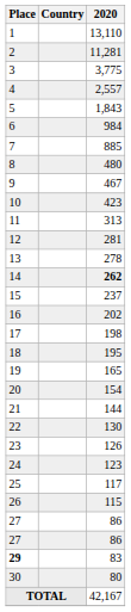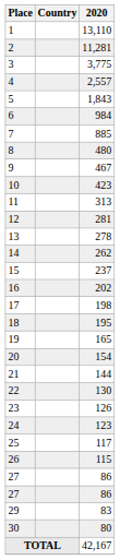 <table class="sortable wikitable"  style="margin:1em auto;">
 <tr>
 <th>Place</th>
 <th>Country</th>
 <th>2020</th>
 </tr>
 <tr bgcolor="ffffff">
 <td>1</td>
 <td></td>
 <td align=right>13,110</td>
 </tr>
 <tr bgcolor="efefef">
 <td>2</td>
 <td></td>
 <td align=right>11,281</td>
 </tr>
 <tr bgcolor="ffffff">
 <td>3</td>
 <td></td>
 <td align=right>3,775</td>
 </tr>
 <tr bgcolor="efefef">
 <td>4</td>
 <td></td>
 <td align=right>2,557</td>
 </tr>
 <tr bgcolor="ffffff">
 <td>5</td>
 <td></td>
 <td align=right>1,843</td>
 </tr>
 <tr bgcolor="efefef">
 <td>6</td>
 <td></td>
 <td align=right>984</td>
 </tr>
 <tr bgcolor="ffffff">
 <td>7</td>
 <td></td>
 <td align=right>885</td>
 </tr>
 <tr bgcolor="efefef">
 <td>8</td>
 <td></td>
 <td align=right>480</td>
 </tr>
 <tr bgcolor="ffffff">
 <td>9</td>
 <td></td>
 <td align=right>467</td>
 </tr>
 <tr bgcolor="efefef">
 <td>10</td>
 <td></td>
 <td align=right>423</td>
 </tr>
 <tr bgcolor="ffffff">
 <td>11</td>
 <td></td>
 <td align=right>313</td>
 </tr>
 <tr bgcolor="efefef">
 <td>12</td>
 <td></td>
 <td align=right>281</td>
 </tr>
 <tr bgcolor="ffffff">
 <td>13</td>
 <td></td>
 <td align=right>278</td>
 </tr>
 <tr bgcolor="efefef">
 <td>14</td>
 <td></td>
-<td align=right><strong>262</strong></td>
+<td align=right>262</td>
 </tr>
 <tr bgcolor="ffffff">
 <td>15</td>
 <td></td>
 <td align=right>237</td>
 </tr>
 <tr bgcolor="efefef">
 <td>16</td>
 <td></td>
 <td align=right>202</td>
 </tr>
 <tr bgcolor="ffffff">
 <td>17</td>
 <td></td>
 <td align=right>198</td>
 </tr>
 <tr bgcolor="efefef">
 <td>18</td>
 <td></td>
 <td align=right>195</td>
 </tr>
 <tr bgcolor="ffffff">
 <td>19</td>
 <td></td>
 <td align=right>165</td>
 </tr>
 <tr bgcolor="efefef">
 <td>20</td>
 <td></td>
 <td align=right>154</td>
 </tr>
 <tr bgcolor="ffffff">
 <td>21</td>
 <td></td>
 <td align=right>144</td>
 </tr>
 <tr bgcolor="efefef">
 <td>22</td>
 <td></td>
 <td align=right>130</td>
 </tr>
 <tr bgcolor="ffffff">
 <td>23</td>
 <td></td>
 <td align=right>126</td>
 </tr>
 <tr bgcolor="efefef">
 <td>24</td>
 <td></td>
 <td align=right>123</td>
 </tr>
 <tr bgcolor="ffffff">
 <td>25</td>
 <td></td>
 <td align=right>117</td>
 </tr>
 <tr bgcolor="efefef">
 <td>26</td>
 <td></td>
 <td align=right>115</td>
 </tr>
 <tr bgcolor="ffffff">
 <td>27</td>
 <td></td>
 <td align=right>86</td>
 </tr>
 <tr bgcolor="efefef">
 <td>27</td>
 <td></td>
 <td align=right>86</td>
 </tr>
 <tr bgcolor="ffffff">
-<td><strong>29</strong></td>
+<td>29</td>
 <td></td>
 <td align=right>83</td>
 </tr>
 <tr bgcolor="efefef">
 <td>30</td>
 <td></td>
 <td align=right>80</td>
 </tr>
 <tr bgcolor="ffffff">
 <td colspan=2 style="background:#e9e9e9;" align=center><strong>TOTAL</strong></td>
 <td align=right>42,167</td>
 </tr>
 <tr>
 </tr>
 </table>
